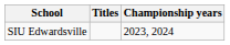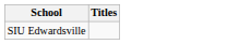 <table class="wikitable">
 <tr>
 <th width=px>School</th>
 <th width=px>Titles</th>
-<th width=px>Championship years</th>
 </tr>
 <tr>
 <td>SIU Edwardsville</td>
 <td></td>
-<td>2023, 2024</td>
 </tr>
 </table>
